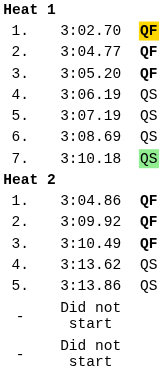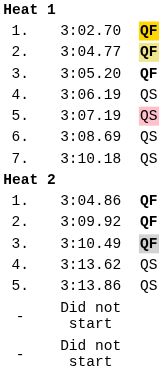 <table style="text-align:center">
 <tr>
 <td colspan=4 align=left><strong>Heat 1</strong></td>
 </tr>
 <tr>
 <td width=30>1.</td>
 <td align=left></td>
 <td width=80>3:02.70</td>
 <td style="background: gold;"><strong>QF</strong></td>
 </tr>
 <tr>
 <td>2.</td>
 <td align=left></td>
 <td>3:04.77</td>
-<td><strong>QF</strong></td>
+<td style="background: khaki;"><strong>QF</strong></td>
 </tr>
 <tr>
 <td>3.</td>
 <td align=left></td>
 <td>3:05.20</td>
 <td><strong>QF</strong></td>
 </tr>
 <tr>
 <td>4.</td>
 <td align=left></td>
 <td>3:06.19</td>
 <td>QS</td>
 </tr>
 <tr>
 <td>5.</td>
 <td align=left></td>
 <td>3:07.19</td>
-<td>QS</td>
+<td style="background: pink;">QS</td>
 </tr>
 <tr>
 <td>6.</td>
 <td align=left></td>
 <td>3:08.69</td>
 <td>QS</td>
 </tr>
 <tr>
 <td>7.</td>
 <td align=left></td>
 <td>3:10.18</td>
-<td style="background: lightgreen;">QS</td>
+<td>QS</td>
 </tr>
 <tr>
 <td colspan=4 align=left><strong>Heat 2</strong></td>
 </tr>
 <tr>
 <td>1.</td>
 <td align=left></td>
 <td>3:04.86</td>
 <td><strong>QF</strong></td>
 </tr>
 <tr>
 <td>2.</td>
 <td align=left></td>
 <td>3:09.92</td>
 <td><strong>QF</strong></td>
 </tr>
 <tr>
 <td>3.</td>
 <td align=left></td>
 <td>3:10.49</td>
-<td><strong>QF</strong></td>
+<td style="background: lightgrey;"><strong>QF</strong></td>
 </tr>
 <tr>
 <td>4.</td>
 <td align=left></td>
 <td>3:13.62</td>
 <td>QS</td>
 </tr>
 <tr>
 <td>5.</td>
 <td align=left></td>
 <td>3:13.86</td>
 <td>QS</td>
 </tr>
 <tr>
 <td>-</td>
 <td align=left></td>
 <td>Did not start</td>
 <td></td>
 </tr>
 <tr>
 <td>-</td>
 <td align=left></td>
 <td>Did not start</td>
 <td></td>
 </tr>
 </table>
